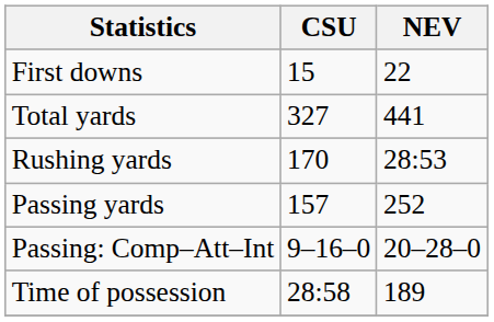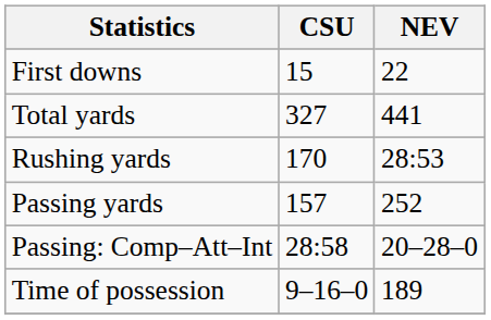 <table class="wikitable" style="float: left;">
 <tr>
 <th>Statistics</th>
 <th>CSU</th>
 <th>NEV</th>
 </tr>
 <tr>
 <td>First downs</td>
 <td>15</td>
 <td>22</td>
 </tr>
 <tr>
 <td>Total yards</td>
 <td>327</td>
 <td>441</td>
 </tr>
 <tr>
 <td>Rushing yards</td>
 <td>170</td>
 <td>28:53</td>
 </tr>
 <tr>
 <td>Passing yards</td>
 <td>157</td>
 <td>252</td>
 </tr>
 <tr>
 <td>Passing: Comp–Att–Int</td>
-<td>9–16–0</td>
+<td>28:58</td>
 <td>20–28–0</td>
 </tr>
 <tr>
 <td>Time of possession</td>
-<td>28:58</td>
+<td>9–16–0</td>
 <td>189</td>
 </tr>
 <tr>
 </tr>
 </table>
